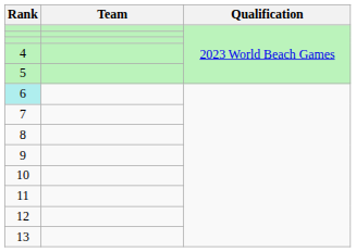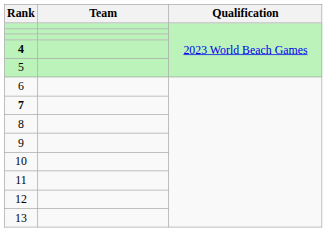 <table class="wikitable">
 <tr>
 <th>Rank</th>
 <th width=170>Team</th>
 <th width=200>Qualification</th>
 </tr>
 <tr bgcolor="#bbf3bb">
 <td align=center></td>
 <td></td>
 <td rowspan=5 align=center><a href='#'>2023 World Beach Games</a></td>
 </tr>
 <tr bgcolor="#bbf3bb">
 <td align=center></td>
 <td></td>
 </tr>
 <tr bgcolor="#bbf3bb">
 <td align=center></td>
 <td></td>
 </tr>
 <tr bgcolor="#bbf3bb">
-<td align=center>4</td>
+<td align=center><strong>4</strong></td>
 <td></td>
 </tr>
 <tr bgcolor="#bbf3bb">
 <td align=center>5</td>
 <td></td>
 </tr>
 <tr>
-<td align=center style="background: paleturquoise;">6</td>
+<td align=center>6</td>
 <td></td>
 <td rowspan=8></td>
 </tr>
 <tr>
-<td align=center>7</td>
+<td align=center><strong>7</strong></td>
 <td></td>
 </tr>
 <tr>
 <td align=center>8</td>
 <td></td>
 </tr>
 <tr>
 <td align=center>9</td>
 <td></td>
 </tr>
 <tr>
 <td align=center>10</td>
 <td></td>
 </tr>
 <tr>
 <td align=center>11</td>
 <td></td>
 </tr>
 <tr>
 <td align=center>12</td>
 <td></td>
 </tr>
 <tr>
 <td align=center>13</td>
 <td></td>
 </tr>
 </table>
